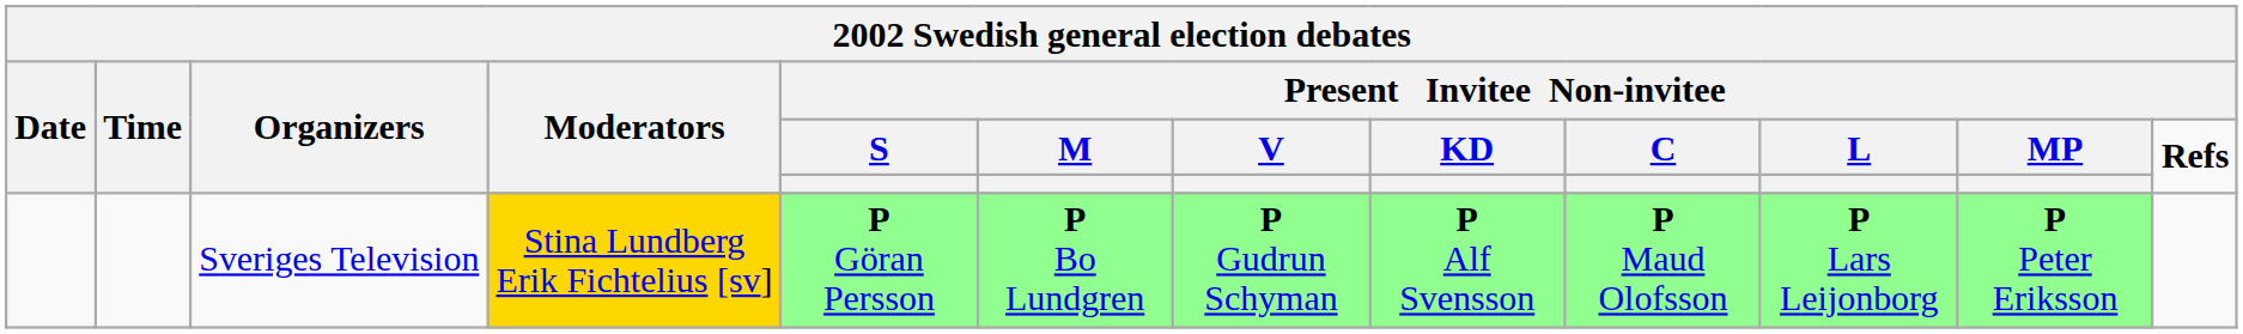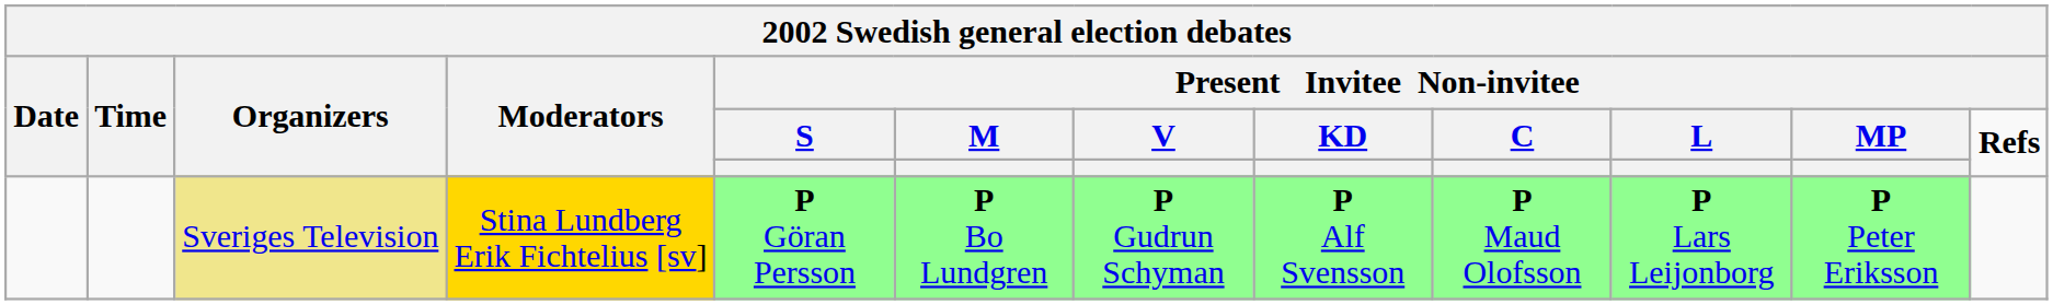 <table class="wikitable" style="font-size:85%; line-height:15px; text-align:center;">
 <tr>
 <th colspan="12">2002 Swedish general election debates</th>
 </tr>
 <tr>
 <th rowspan="3">Date</th>
 <th rowspan="3">Time</th>
 <th rowspan="3">Organizers</th>
 <th rowspan="3">Moderators</th>
 <th colspan="8"> Present    Invitee  Non-invitee </th>
 </tr>
 <tr>
 <th scope="col" style="width:5em;"><a href='#'>S</a></th>
 <th scope="col" style="width:5em;"><a href='#'>M</a></th>
 <th scope="col" style="width:5em;"><a href='#'>V</a></th>
 <th scope="col" style="width:5em;"><a href='#'>KD</a></th>
 <th scope="col" style="width:5em;"><a href='#'>C</a></th>
 <th scope="col" style="width:5em;"><a href='#'>L</a></th>
 <th scope="col" style="width:5em;"><a href='#'>MP</a></th>
 <td rowspan="2"><strong>Refs</strong></td>
 </tr>
 <tr>
 <th style="background:"></th>
 <th style="background:"></th>
 <th style="background:"></th>
 <th style="background:"></th>
 <th style="background:"></th>
 <th style="background:"></th>
 <th style="background:"></th>
 </tr>
 <tr>
 <td></td>
 <td></td>
-<td><a href='#'>Sveriges Television</a></td>
+<td style="background: khaki;"><a href='#'>Sveriges Television</a></td>
 <td style="background: gold;"><a href='#'>Stina Lundberg</a><br><a href='#'>Erik Fichtelius</a> <a href='#'>[sv</a>]</td>
 <td style="background:#90FF90"><strong>P</strong><br><a href='#'>Göran Persson</a></td>
 <td style="background:#90FF90"><strong>P</strong><br><a href='#'>Bo Lundgren</a></td>
 <td style="background:#90FF90"><strong>P</strong><br><a href='#'>Gudrun Schyman</a></td>
 <td style="background:#90FF90"><strong>P</strong><br><a href='#'>Alf Svensson</a></td>
 <td style="background:#90FF90"><strong>P</strong><br><a href='#'>Maud Olofsson</a></td>
 <td style="background:#90FF90"><strong>P</strong><br><a href='#'>Lars Leijonborg</a></td>
 <td style="background:#90FF90"><strong>P</strong><br><a href='#'>Peter Eriksson</a></td>
 <td></td>
 </tr>
 </table>
